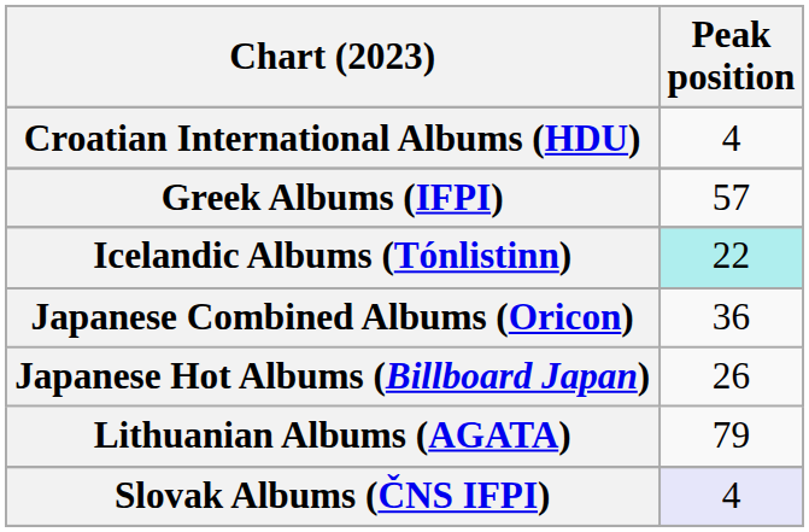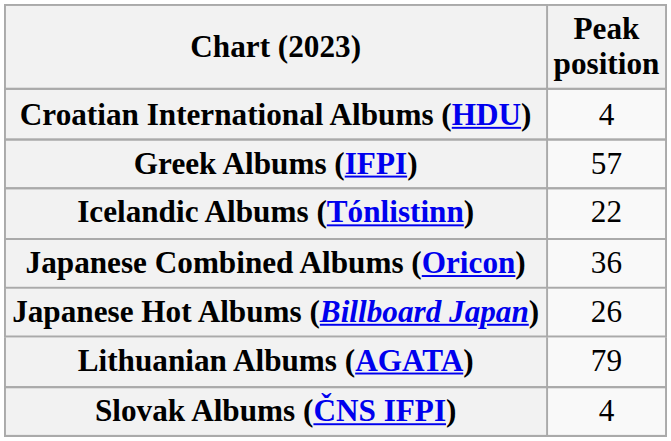 <table class="wikitable sortable plainrowheaders" style="text-align:center">
 <tr>
 <th scope="col">Chart (2023)</th>
 <th scope="col">Peak<br>position</th>
 </tr>
 <tr>
 </tr>
 <tr>
 </tr>
 <tr>
 </tr>
 <tr>
 </tr>
 <tr>
 </tr>
 <tr>
 <th scope="row">Croatian International Albums (<a href='#'>HDU</a>)</th>
 <td>4</td>
 </tr>
 <tr>
 </tr>
 <tr>
 </tr>
 <tr>
 </tr>
 <tr>
 </tr>
 <tr>
 </tr>
 <tr>
 </tr>
 <tr>
 <th scope="row">Greek Albums (<a href='#'>IFPI</a>)</th>
 <td>57</td>
 </tr>
 <tr>
 </tr>
 <tr>
 <th scope="row">Icelandic Albums (<a href='#'>Tónlistinn</a>)</th>
-<td style="background: paleturquoise;">22</td>
+<td>22</td>
 </tr>
 <tr>
 </tr>
 <tr>
 </tr>
 <tr>
 </tr>
 <tr>
 <th scope="row">Japanese Combined Albums (<a href='#'>Oricon</a>)</th>
 <td>36</td>
 </tr>
 <tr>
 <th scope="row">Japanese Hot Albums (<em><a href='#'>Billboard Japan</a></em>)</th>
 <td>26</td>
 </tr>
 <tr>
 <th scope="row">Lithuanian Albums (<a href='#'>AGATA</a>)</th>
 <td>79</td>
 </tr>
 <tr>
 </tr>
 <tr>
 </tr>
 <tr>
 </tr>
 <tr>
 </tr>
 <tr>
 </tr>
 <tr>
 <th scope="row">Slovak Albums (<a href='#'>ČNS IFPI</a>)</th>
-<td style="background: lavender;">4</td>
+<td>4</td>
 </tr>
 <tr>
 </tr>
 <tr>
 </tr>
 <tr>
 </tr>
 <tr>
 </tr>
 <tr>
 </tr>
 <tr>
 </tr>
 <tr>
 </tr>
 </table>
